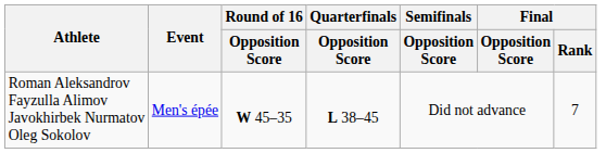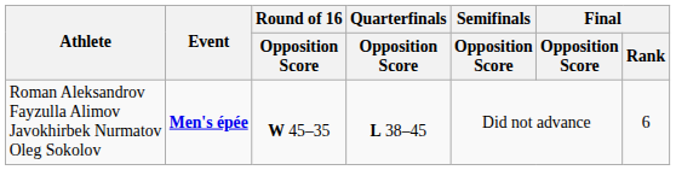 <table class=wikitable style=font-size:90%;text-align:center>
 <tr>
 <th rowspan="2">Athlete</th>
 <th rowspan="2">Event</th>
 <th>Round of 16</th>
 <th>Quarterfinals</th>
 <th>Semifinals</th>
 <th colspan="2">Final</th>
 </tr>
 <tr>
 <th>Opposition<br>Score</th>
 <th>Opposition<br>Score</th>
 <th>Opposition<br>Score</th>
 <th>Opposition<br>Score</th>
 <th>Rank</th>
 </tr>
 <tr>
 <td align=left>Roman Aleksandrov<br>Fayzulla Alimov<br>Javokhirbek Nurmatov<br>Oleg Sokolov</td>
-<td align=left><a href='#'>Men's épée</a></td>
+<td align=left><strong><a href='#'>Men's épée</a></strong></td>
 <td><br><strong>W</strong> 45–35</td>
 <td><br><strong>L</strong> 38–45</td>
 <td colspan=2>Did not advance</td>
-<td>7</td>
+<td>6</td>
 </tr>
 </table>
